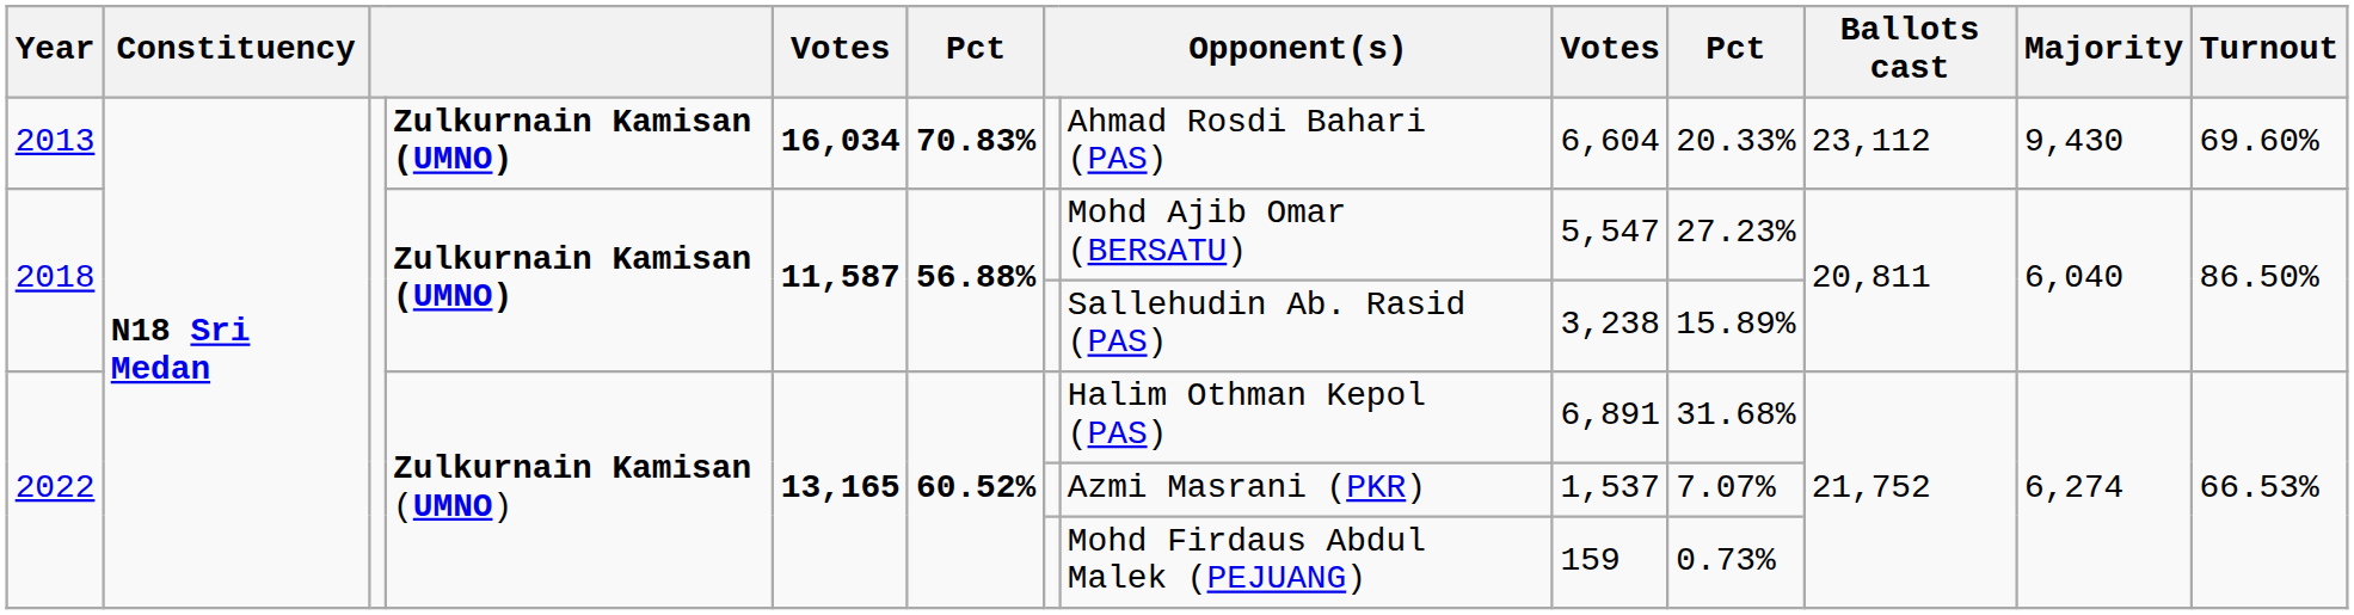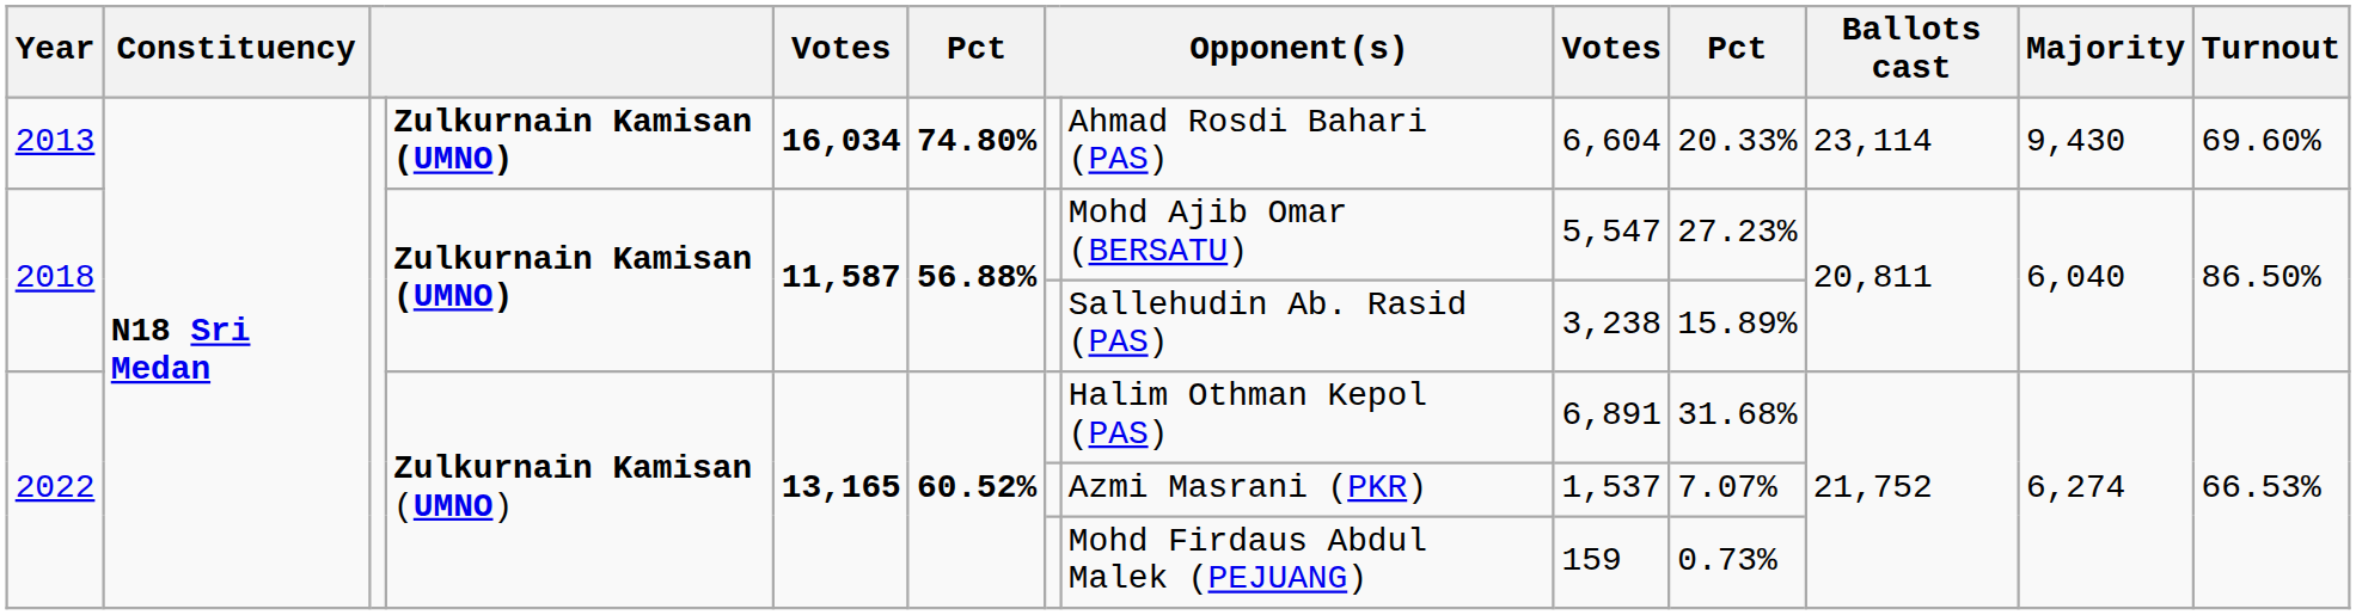 <table class="wikitable" style="margin:0.5em ; font-size:95%">
 <tr>
 <th>Year</th>
 <th>Constituency</th>
 <th colspan=2></th>
 <th>Votes</th>
 <th>Pct</th>
 <th colspan=2>Opponent(s)</th>
 <th>Votes</th>
 <th>Pct</th>
 <th>Ballots cast</th>
 <th>Majority</th>
 <th>Turnout</th>
 </tr>
 <tr>
 <td><a href='#'>2013</a></td>
 <td rowspan="6"><strong>N18 <a href='#'>Sri Medan</a></strong></td>
 <td rowspan="6" ></td>
 <td><strong>Zulkurnain Kamisan (</strong><a href='#'><strong>UMNO</strong></a><strong>)</strong></td>
 <td align="right"><strong>16,034</strong></td>
-<td><strong>70.83%</strong></td>
+<td><strong>74.80%</strong></td>
 <td></td>
 <td>Ahmad Rosdi Bahari (<a href='#'>PAS</a>)</td>
 <td align="right">6,604</td>
 <td>20.33%</td>
-<td>23,112</td>
+<td>23,114</td>
 <td>9,430</td>
 <td>69.60%</td>
 </tr>
 <tr>
 <td rowspan=2><a href='#'>2018</a></td>
 <td rowspan="2"><strong>Zulkurnain Kamisan (</strong><a href='#'><strong>UMNO</strong></a><strong>)</strong></td>
 <td rowspan=2 align="right"><strong>11,587</strong></td>
 <td rowspan=2><strong>56.88%</strong></td>
 <td></td>
 <td>Mohd Ajib Omar (<a href='#'>BERSATU</a>)</td>
 <td align="right">5,547</td>
 <td>27.23%</td>
 <td rowspan=2>20,811</td>
 <td rowspan=2>6,040</td>
 <td rowspan=2>86.50%</td>
 </tr>
 <tr>
 <td></td>
 <td>Sallehudin Ab. Rasid (<a href='#'>PAS</a>)</td>
 <td align="right">3,238</td>
 <td>15.89%</td>
 </tr>
 <tr>
 <td rowspan="3"><a href='#'>2022</a></td>
 <td rowspan="3"><strong>Zulkurnain Kamisan</strong> (<a href='#'><strong>UMNO</strong></a>)</td>
 <td rowspan="3"><strong>13,165</strong></td>
 <td rowspan="3"><strong>60.52%</strong></td>
 <td></td>
 <td>Halim Othman Kepol (<a href='#'>PAS</a>)</td>
 <td>6,891</td>
 <td>31.68%</td>
 <td rowspan="3">21,752</td>
 <td rowspan="3">6,274</td>
 <td rowspan="3">66.53%</td>
 </tr>
 <tr>
 <td></td>
 <td>Azmi Masrani (<a href='#'>PKR</a>)</td>
 <td>1,537</td>
 <td>7.07%</td>
 </tr>
 <tr>
 <td></td>
 <td>Mohd Firdaus Abdul Malek (<a href='#'>PEJUANG</a>)</td>
 <td>159</td>
 <td>0.73%</td>
 </tr>
 </table>
